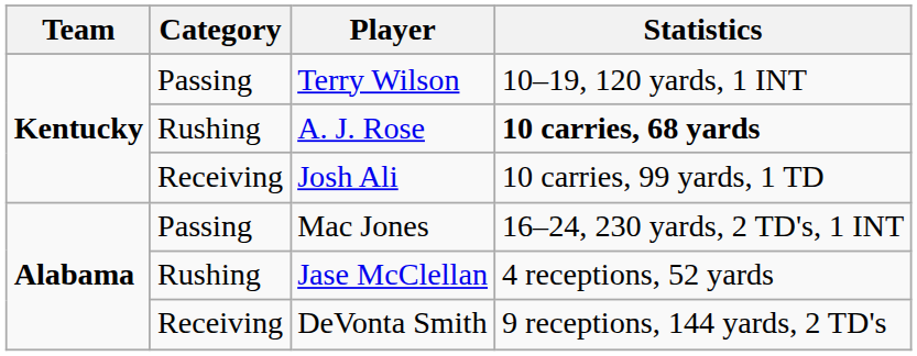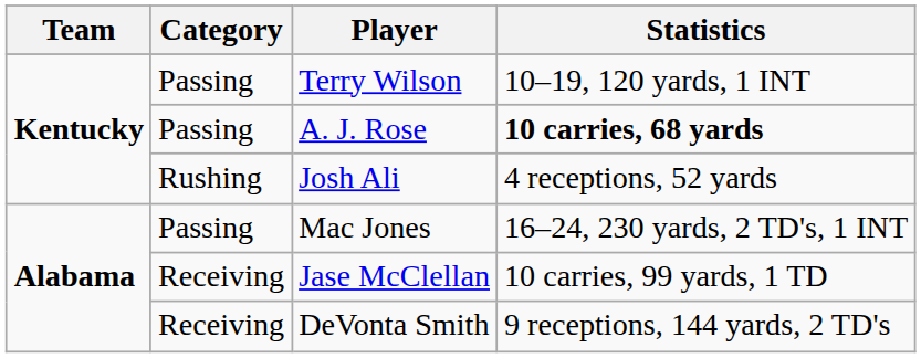 <table class="wikitable" style="float: right;">
 <tr>
 <th>Team</th>
 <th>Category</th>
 <th>Player</th>
 <th>Statistics</th>
 </tr>
 <tr>
 <td rowspan=3><strong>Kentucky</strong></td>
 <td>Passing</td>
 <td><a href='#'>Terry Wilson</a></td>
 <td>10–19, 120 yards, 1 INT</td>
 </tr>
 <tr>
-<td>Rushing</td>
+<td>Passing</td>
 <td><a href='#'>A. J. Rose</a></td>
 <td><strong>10 carries, 68 yards</strong></td>
 </tr>
 <tr>
-<td>Receiving</td>
+<td>Rushing</td>
 <td><a href='#'>Josh Ali</a></td>
-<td>10 carries, 99 yards, 1 TD</td>
+<td>4 receptions, 52 yards</td>
 </tr>
 <tr>
 <td rowspan=3><strong>Alabama</strong></td>
 <td>Passing</td>
 <td>Mac Jones</td>
 <td>16–24, 230 yards, 2 TD's, 1 INT</td>
 </tr>
 <tr>
-<td>Rushing</td>
+<td>Receiving</td>
 <td><a href='#'>Jase McClellan</a></td>
-<td>4 receptions, 52 yards</td>
+<td>10 carries, 99 yards, 1 TD</td>
 </tr>
 <tr>
 <td>Receiving</td>
 <td>DeVonta Smith</td>
 <td>9 receptions, 144 yards, 2 TD's</td>
 </tr>
 </table>
